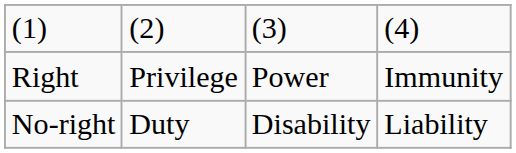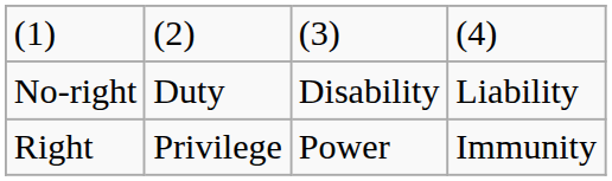 <table class="wikitable">
 <tr>
 <td>(1)</td>
 <td>(2)</td>
 <td>(3)</td>
 <td>(4)</td>
 </tr>
 <tr>
+<td>No-right</td>
+<td>Duty</td>
+<td>Disability</td>
+<td>Liability</td>
+</tr>
+<tr>
 <td>Right</td>
 <td>Privilege</td>
 <td>Power</td>
 <td>Immunity</td>
 </tr>
-<tr>
-<td>No-right</td>
-<td>Duty</td>
-<td>Disability</td>
-<td>Liability</td>
-</tr>
 </table>
